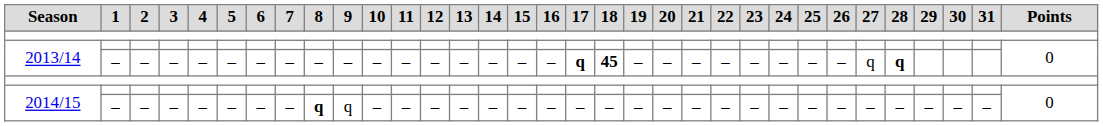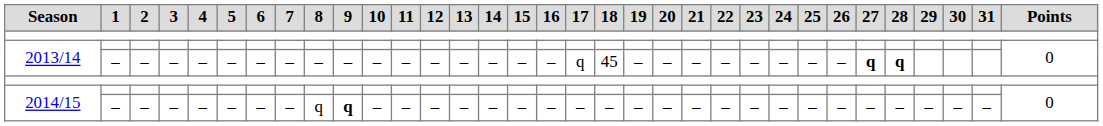 <table cellpadding="3" cellspacing="0" border="1" style="background:#fff; font-size:80%; line-height:13px; border:gray solid 1px; border-collapse:collapse;">
 <tr style="background:#ccc; text-align:center; background:#dcdcdc;">
 <td style="width:65px;"><strong>Season</strong></td>
 <td style="width:15px;"><strong>1</strong></td>
 <td style="width:15px;"><strong>2</strong></td>
 <td style="width:15px;"><strong>3</strong></td>
 <td style="width:15px;"><strong>4</strong></td>
 <td style="width:15px;"><strong>5</strong></td>
 <td style="width:15px;"><strong>6</strong></td>
 <td style="width:15px;"><strong>7</strong></td>
 <td style="width:15px;"><strong>8</strong></td>
 <td style="width:15px;"><strong>9</strong></td>
 <td style="width:15px;"><strong>10</strong></td>
 <td style="width:15px;"><strong>11</strong></td>
 <td style="width:15px;"><strong>12</strong></td>
 <td style="width:15px;"><strong>13</strong></td>
 <td style="width:15px;"><strong>14</strong></td>
 <td style="width:15px;"><strong>15</strong></td>
 <td style="width:15px;"><strong>16</strong></td>
 <td style="width:15px;"><strong>17</strong></td>
 <td style="width:15px;"><strong>18</strong></td>
 <td style="width:15px;"><strong>19</strong></td>
 <td style="width:15px;"><strong>20</strong></td>
 <td style="width:15px;"><strong>21</strong></td>
 <td style="width:15px;"><strong>22</strong></td>
 <td style="width:15px;"><strong>23</strong></td>
 <td style="width:15px;"><strong>24</strong></td>
 <td style="width:15px;"><strong>25</strong></td>
 <td style="width:15px;"><strong>26</strong></td>
 <td style="width:15px;"><strong>27</strong></td>
 <td style="width:15px;"><strong>28</strong></td>
 <td style="width:15px;"><strong>29</strong></td>
 <td style="width:15px;"><strong>30</strong></td>
 <td style="width:15px;"><strong>31</strong></td>
 <td style="width:30px;"><strong>Points</strong></td>
 </tr>
 <tr>
 <td colspan=33></td>
 </tr>
 <tr align=center>
 <td rowspan="2" style="width:66px;"><a href='#'>2013/14</a></td>
 <th></th>
 <th></th>
 <th></th>
 <th></th>
 <th></th>
 <th></th>
 <th></th>
 <th></th>
 <th></th>
 <th></th>
 <th></th>
 <th></th>
 <th></th>
 <th></th>
 <th></th>
 <th></th>
 <th></th>
 <th></th>
 <th></th>
 <th></th>
 <th></th>
 <th></th>
 <th></th>
 <th></th>
 <th></th>
 <th></th>
 <th></th>
 <th></th>
 <th></th>
 <th></th>
 <th></th>
 <td rowspan="2" style="width:66px;">0</td>
 </tr>
 <tr align=center>
 <td>–</td>
 <td>–</td>
 <td>–</td>
 <td>–</td>
 <td>–</td>
 <td>–</td>
 <td>–</td>
 <td>–</td>
 <td>–</td>
 <td>–</td>
 <td>–</td>
 <td>–</td>
 <td>–</td>
 <td>–</td>
 <td>–</td>
 <td>–</td>
-<td><strong>q</strong></td>
-<td><strong>45</strong></td>
+<td>q</td>
+<td>45</td>
 <td>–</td>
 <td>–</td>
 <td>–</td>
 <td>–</td>
 <td>–</td>
 <td>–</td>
 <td>–</td>
 <td>–</td>
-<td>q</td>
+<td><strong>q</strong></td>
 <td><strong>q</strong></td>
 <th></th>
 <th></th>
 <th></th>
 </tr>
 <tr>
 <td colspan=33></td>
 </tr>
 <tr align=center>
 <td rowspan="2" style="width:66px;"><a href='#'>2014/15</a></td>
 <th></th>
 <th></th>
 <th></th>
 <th></th>
 <th></th>
 <th></th>
 <th></th>
 <th></th>
 <th></th>
 <th></th>
 <th></th>
 <th></th>
 <th></th>
 <th></th>
 <th></th>
 <th></th>
 <th></th>
 <th></th>
 <th></th>
 <th></th>
 <th></th>
 <th></th>
 <th></th>
 <th></th>
 <th></th>
 <th></th>
 <th></th>
 <th></th>
 <th></th>
 <th></th>
 <th></th>
 <td rowspan="2" style="width:66px;">0</td>
 </tr>
 <tr align=center>
 <td>–</td>
 <td>–</td>
 <td>–</td>
 <td>–</td>
 <td>–</td>
 <td>–</td>
 <td>–</td>
+<td>q</td>
 <td><strong>q</strong></td>
-<td>q</td>
 <td>–</td>
 <td>–</td>
 <td>–</td>
 <td>–</td>
 <td>–</td>
 <td>–</td>
 <td>–</td>
 <td>–</td>
 <td>–</td>
 <td>–</td>
 <td>–</td>
 <td>–</td>
 <td>–</td>
 <td>–</td>
 <td>–</td>
 <td>–</td>
 <td>–</td>
 <td>–</td>
 <td>–</td>
 <td>–</td>
 <td>–</td>
 <td>–</td>
 </tr>
 </table>
